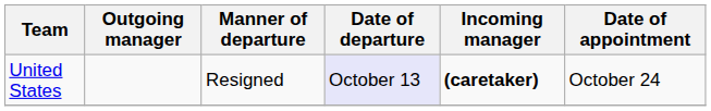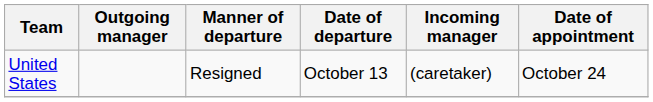 <table class="wikitable sortable">
 <tr>
 <th>Team</th>
 <th>Outgoing manager</th>
 <th>Manner of departure</th>
 <th>Date of departure</th>
 <th>Incoming manager</th>
 <th>Date of appointment</th>
 </tr>
 <tr>
 <td><a href='#'>United States</a></td>
 <td> </td>
 <td>Resigned</td>
-<td style="background: lavender;">October 13</td>
-<td><strong>  (caretaker)</strong></td>
+<td>October 13</td>
+<td>  (caretaker)</td>
 <td>October 24</td>
 </tr>
 <tr>
 </tr>
 </table>
